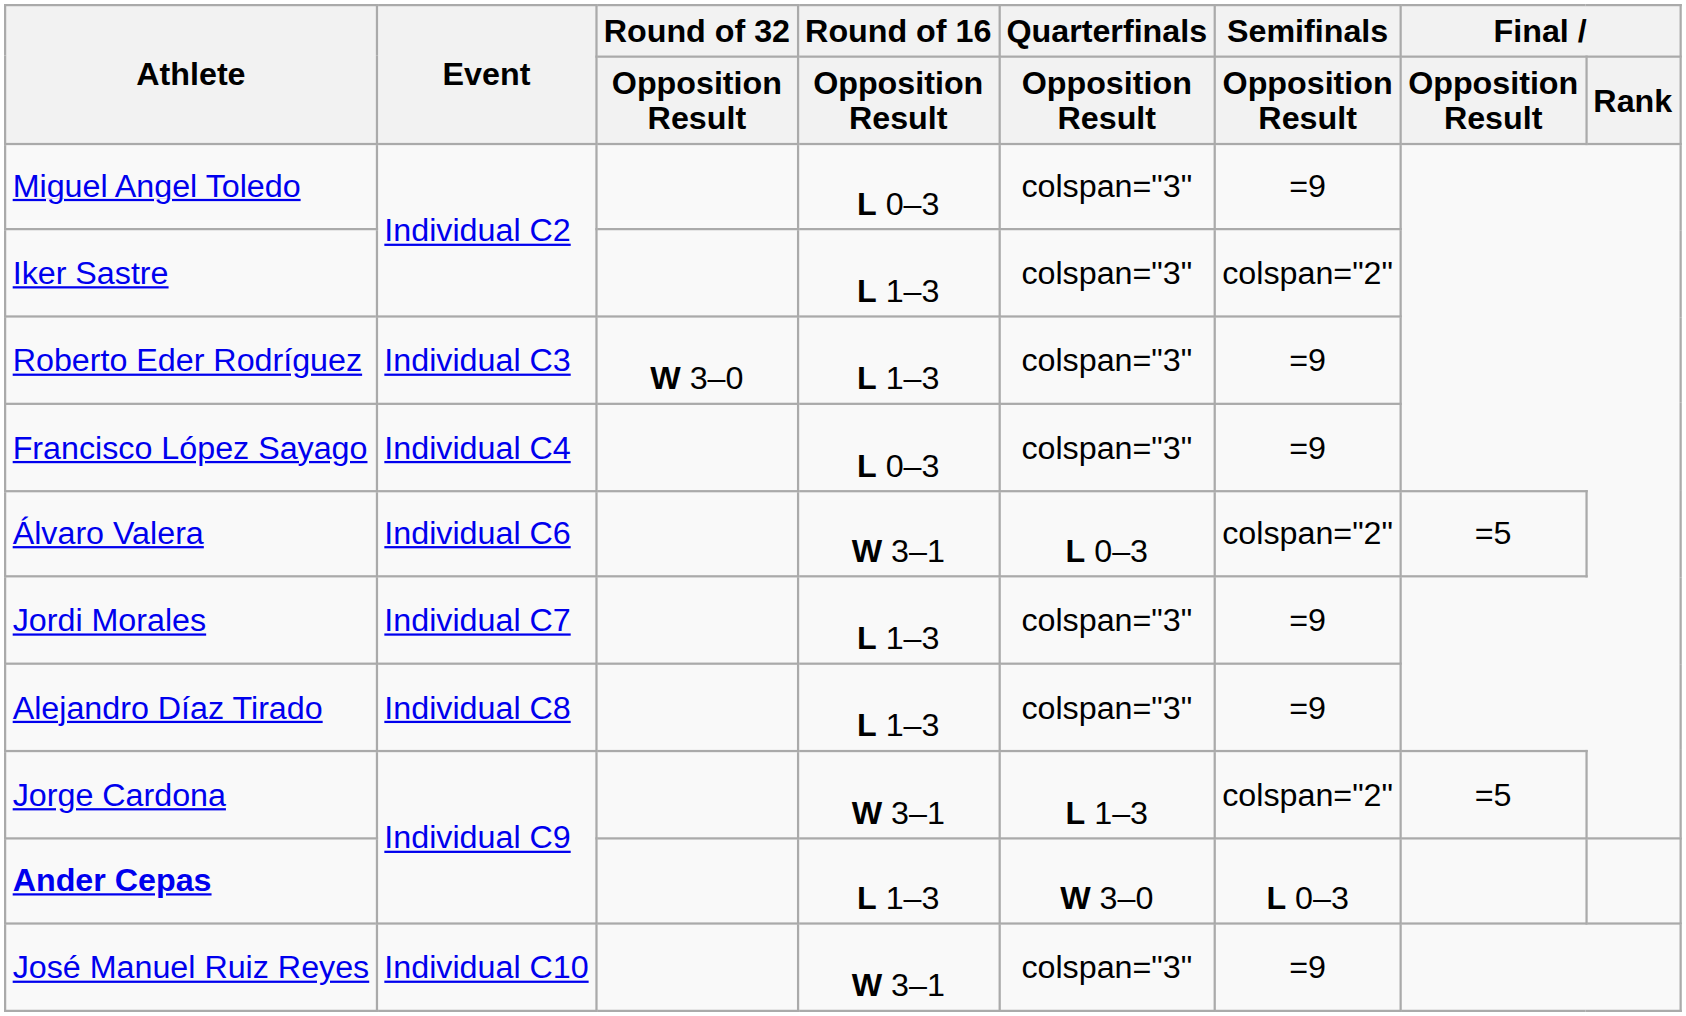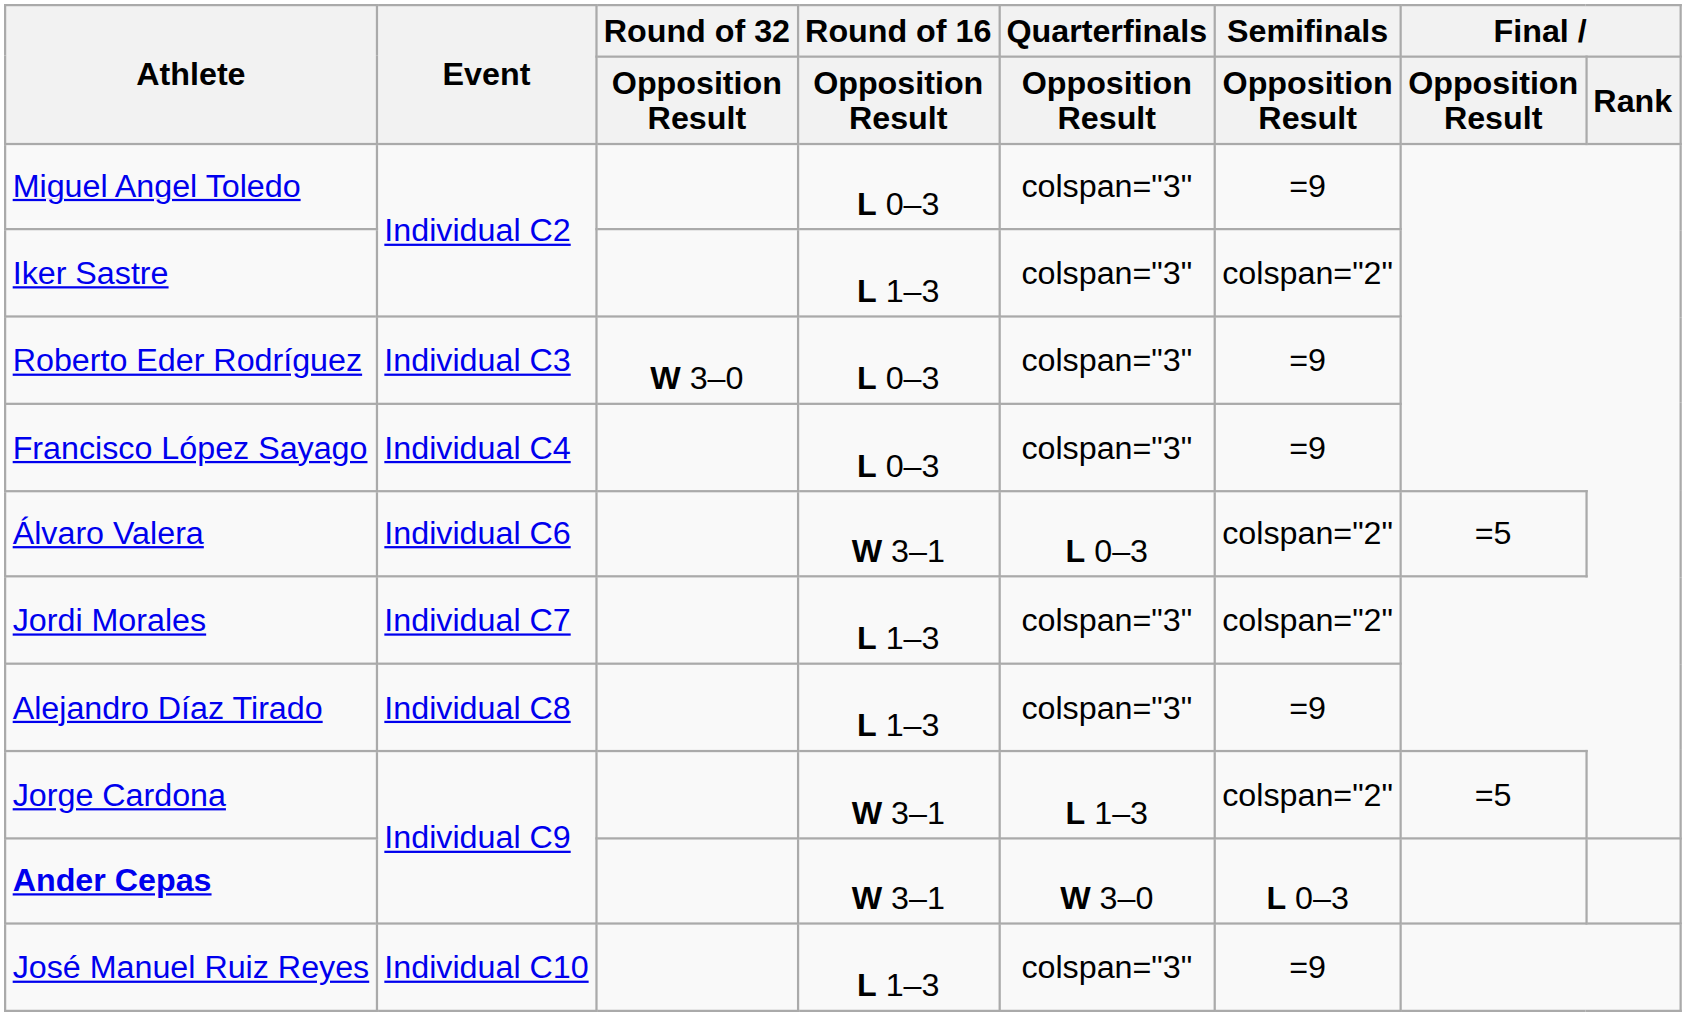 <table class=wikitable style="font-size:90%">
 <tr align=center>
 <th rowspan="2">Athlete</th>
 <th rowspan="2">Event</th>
 <th>Round of 32</th>
 <th>Round of 16</th>
 <th>Quarterfinals</th>
 <th>Semifinals</th>
 <th colspan="2">Final / </th>
 </tr>
 <tr>
 <th>Opposition<br>Result</th>
 <th>Opposition<br>Result</th>
 <th>Opposition<br>Result</th>
 <th>Opposition<br>Result</th>
 <th>Opposition<br>Result</th>
 <th>Rank</th>
 </tr>
 <tr align=center>
 <td align=left><a href='#'>Miguel Angel Toledo</a></td>
 <td align=left rowspan=2><a href='#'>Individual C2</a></td>
 <td></td>
 <td><br><strong>L</strong> 0–3</td>
 <td>colspan="3" </td>
 <td>=9</td>
 </tr>
 <tr align=center>
 <td align=left><a href='#'>Iker Sastre</a></td>
 <td></td>
 <td><br><strong>L</strong> 1–3</td>
 <td>colspan="3" </td>
 <td>colspan="2" </td>
 </tr>
 <tr align=center>
 <td align=left><a href='#'>Roberto Eder Rodríguez</a></td>
 <td align=left><a href='#'>Individual C3</a></td>
 <td><br><strong>W</strong> 3–0</td>
-<td><br><strong>L</strong> 1–3</td>
+<td><br><strong>L</strong> 0–3</td>
 <td>colspan="3" </td>
 <td>=9</td>
 </tr>
 <tr align=center>
 <td align=left><a href='#'>Francisco López Sayago</a></td>
 <td align=left><a href='#'>Individual C4</a></td>
 <td></td>
 <td><br><strong>L</strong> 0–3</td>
 <td>colspan="3" </td>
 <td>=9</td>
 </tr>
 <tr align=center>
 <td align=left><a href='#'>Álvaro Valera</a></td>
 <td align=left><a href='#'>Individual C6</a></td>
 <td></td>
 <td><br><strong>W</strong> 3–1</td>
 <td><br><strong>L</strong> 0–3</td>
 <td>colspan="2" </td>
 <td>=5</td>
 </tr>
 <tr align=center>
 <td align=left><a href='#'>Jordi Morales</a></td>
 <td align=left><a href='#'>Individual C7</a></td>
 <td></td>
 <td><br><strong>L</strong> 1–3</td>
 <td>colspan="3" </td>
-<td>=9</td>
+<td>colspan="2" </td>
 </tr>
 <tr align=center>
 <td align=left><a href='#'>Alejandro Díaz Tirado</a></td>
 <td align=left><a href='#'>Individual C8</a></td>
 <td></td>
 <td><br><strong>L</strong> 1–3</td>
 <td>colspan="3" </td>
 <td>=9</td>
 </tr>
 <tr align=center>
 <td align=left><a href='#'>Jorge Cardona</a></td>
 <td align=left rowspan=2><a href='#'>Individual C9</a></td>
 <td></td>
 <td><br><strong>W</strong> 3–1</td>
 <td><br><strong>L</strong> 1–3</td>
 <td>colspan="2" </td>
 <td>=5</td>
 </tr>
 <tr align=center>
 <td align=left><strong><a href='#'>Ander Cepas</a></strong></td>
 <td></td>
-<td><br><strong>L</strong> 1–3</td>
+<td><br><strong>W</strong> 3–1</td>
 <td><br><strong>W</strong> 3–0</td>
 <td><br><strong>L</strong> 0–3</td>
 <td></td>
 <td></td>
 </tr>
 <tr align=center>
 <td align=left><a href='#'>José Manuel Ruiz Reyes</a></td>
 <td align=left><a href='#'>Individual C10</a></td>
 <td></td>
-<td><br><strong>W</strong> 3–1</td>
+<td><br><strong>L</strong> 1–3</td>
 <td>colspan="3" </td>
 <td>=9</td>
 </tr>
 </table>
